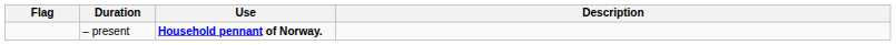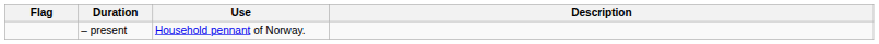 <table class="wikitable" width="100%">
 <tr>
 <th style="width:100px;">Flag</th>
 <th style="width:100px;">Duration</th>
 <th style="width:250px;">Use</th>
 <th style="min-width:250px">Description</th>
 </tr>
 <tr>
 <td></td>
 <td>– present</td>
-<td><strong><a href='#'>Household pennant</a> of Norway.</strong></td>
+<td><a href='#'>Household pennant</a> of Norway.</td>
 </tr>
 </table>
